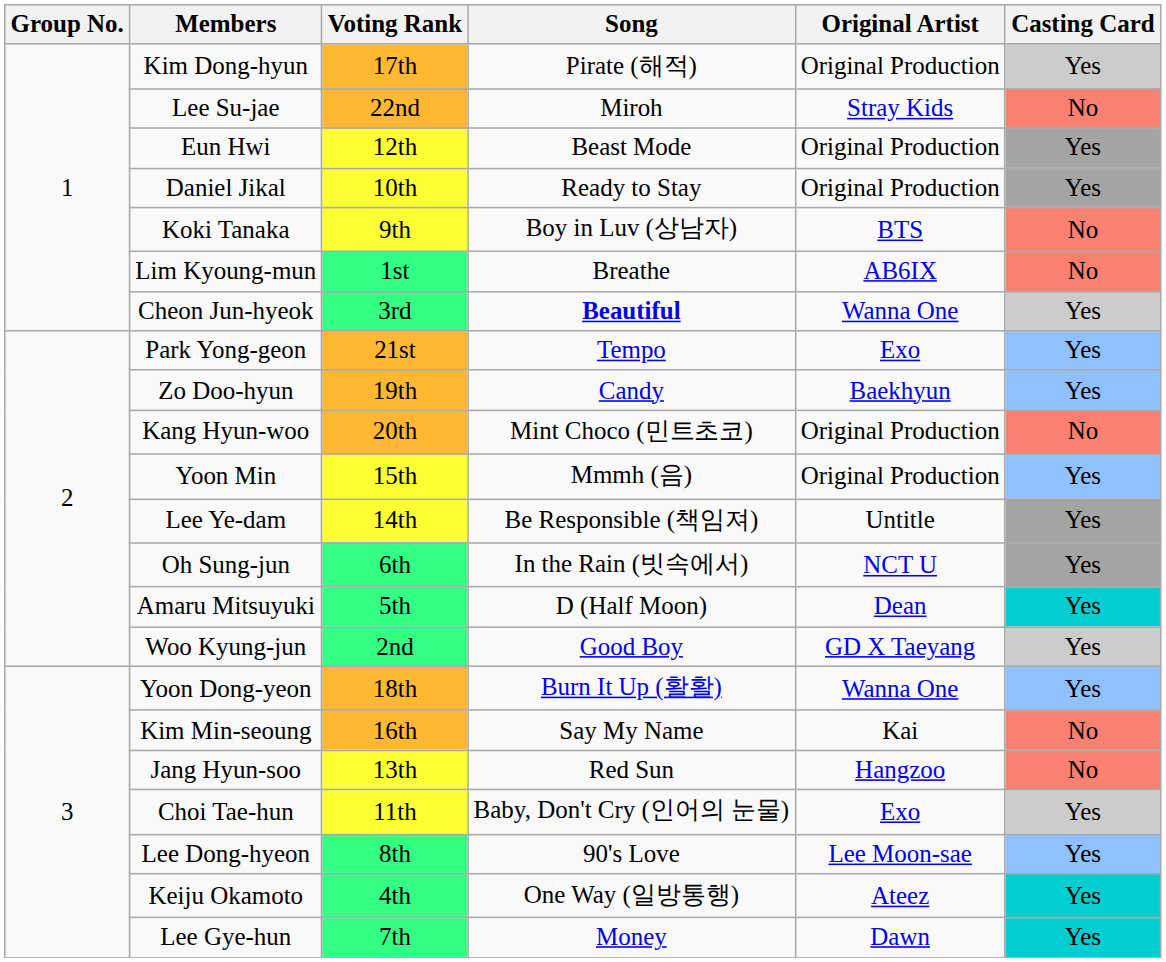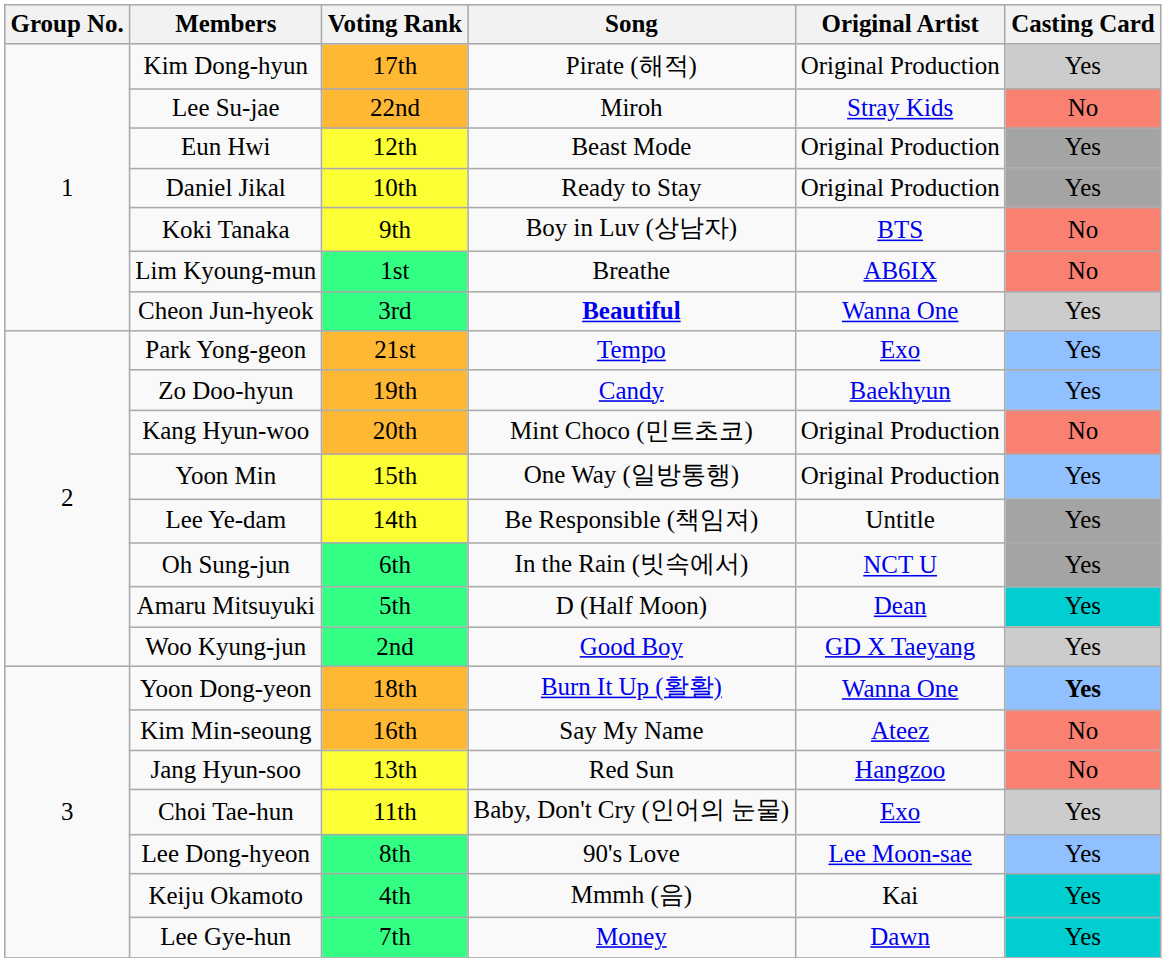 <table class="wikitable" style="text-align:center">
 <tr>
 <th>Group No.</th>
 <th>Members</th>
 <th>Voting Rank</th>
 <th>Song</th>
 <th>Original Artist</th>
 <th>Casting Card</th>
 </tr>
 <tr>
 <td rowspan="7">1</td>
 <td>Kim Dong-hyun</td>
 <td style="background:#FFB833;">17th</td>
 <td>Pirate (해적)</td>
 <td>Original Production</td>
 <td style="background:#CCCCCC;">Yes</td>
 </tr>
 <tr>
 <td>Lee Su-jae</td>
 <td style="background:#FFB833;">22nd</td>
 <td>Miroh</td>
 <td><a href='#'>Stray Kids</a></td>
 <td style="background:salmon;">No</td>
 </tr>
 <tr>
 <td>Eun Hwi</td>
 <td style="background:#FCFF33;">12th</td>
 <td>Beast Mode</td>
 <td>Original Production</td>
 <td style="background:#A4A4A4;">Yes</td>
 </tr>
 <tr>
 <td>Daniel Jikal</td>
 <td style="background:#FCFF33;">10th</td>
 <td>Ready to Stay</td>
 <td>Original Production</td>
 <td style="background:#A4A4A4;">Yes</td>
 </tr>
 <tr>
 <td>Koki Tanaka</td>
 <td style="background:#FCFF33;">9th</td>
 <td>Boy in Luv (상남자)</td>
 <td><a href='#'>BTS</a></td>
 <td style="background:salmon;">No</td>
 </tr>
 <tr>
 <td>Lim Kyoung-mun</td>
 <td style="background:#33FF85;">1st</td>
 <td>Breathe</td>
 <td><a href='#'>AB6IX</a></td>
 <td style="background:salmon;">No</td>
 </tr>
 <tr>
 <td>Cheon Jun-hyeok</td>
 <td style="background:#33FF85;">3rd</td>
 <td><strong><a href='#'>Beautiful</a></strong></td>
 <td><a href='#'>Wanna One</a></td>
 <td style="background:#CCCCCC;">Yes</td>
 </tr>
 <tr>
 <td rowspan="8">2</td>
 <td>Park Yong-geon</td>
 <td style="background:#FFB833;">21st</td>
 <td><a href='#'>Tempo</a></td>
 <td><a href='#'>Exo</a></td>
 <td style="background:#90C0FF;">Yes</td>
 </tr>
 <tr>
 <td>Zo Doo-hyun</td>
 <td style="background:#FFB833;">19th</td>
 <td><a href='#'>Candy</a></td>
 <td><a href='#'>Baekhyun</a></td>
 <td style="background:#90C0FF;">Yes</td>
 </tr>
 <tr>
 <td>Kang Hyun-woo</td>
 <td style="background:#FFB833;">20th</td>
 <td>Mint Choco (민트초코)</td>
 <td>Original Production</td>
 <td style="background:salmon;">No</td>
 </tr>
 <tr>
 <td>Yoon Min</td>
 <td style="background:#FCFF33;">15th</td>
-<td>Mmmh (음)</td>
+<td>One Way (일방통행)</td>
 <td>Original Production</td>
 <td style="background:#90C0FF;">Yes</td>
 </tr>
 <tr>
 <td>Lee Ye-dam</td>
 <td style="background:#FCFF33;">14th</td>
 <td>Be Responsible (책임져)</td>
 <td>Untitle</td>
 <td style="background:#A4A4A4;">Yes</td>
 </tr>
 <tr>
 <td>Oh Sung-jun</td>
 <td style="background:#33FF85;">6th</td>
 <td>In the Rain (빗속에서)</td>
 <td><a href='#'>NCT U</a></td>
 <td style="background:#A4A4A4;">Yes</td>
 </tr>
 <tr>
 <td>Amaru Mitsuyuki</td>
 <td style="background:#33FF85;">5th</td>
 <td>D (Half Moon)</td>
 <td><a href='#'>Dean</a></td>
 <td style="background:#00CED1;">Yes</td>
 </tr>
 <tr>
 <td>Woo Kyung-jun</td>
 <td style="background:#33FF85;">2nd</td>
 <td><a href='#'>Good Boy</a></td>
 <td><a href='#'>GD X Taeyang</a></td>
 <td style="background:#CCCCCC;">Yes</td>
 </tr>
 <tr>
 <td rowspan="7">3</td>
 <td>Yoon Dong-yeon</td>
 <td style="background:#FFB833;">18th</td>
 <td><a href='#'>Burn It Up (활활)</a></td>
 <td><a href='#'>Wanna One</a></td>
-<td style="background:#90C0FF;">Yes</td>
+<td style="background:#90C0FF;"><strong>Yes</strong></td>
 </tr>
 <tr>
 <td>Kim Min-seoung</td>
 <td style="background:#FFB833;">16th</td>
 <td>Say My Name</td>
-<td>Kai</td>
+<td><a href='#'>Ateez</a></td>
 <td style="background:salmon;">No</td>
 </tr>
 <tr>
 <td>Jang Hyun-soo</td>
 <td style="background:#FCFF33;">13th</td>
 <td>Red Sun</td>
 <td><a href='#'>Hangzoo</a></td>
 <td style="background:salmon;">No</td>
 </tr>
 <tr>
 <td>Choi Tae-hun</td>
 <td style="background:#FCFF33;">11th</td>
 <td>Baby, Don't Cry (인어의 눈물)</td>
 <td><a href='#'>Exo</a></td>
 <td style="background:#CCCCCC;">Yes</td>
 </tr>
 <tr>
 <td>Lee Dong-hyeon</td>
 <td style="background:#33FF85;">8th</td>
 <td>90's Love</td>
 <td><a href='#'>Lee Moon-sae</a></td>
 <td style="background:#90C0FF;">Yes</td>
 </tr>
 <tr>
 <td>Keiju Okamoto</td>
 <td style="background:#33FF85;">4th</td>
-<td>One Way (일방통행)</td>
-<td><a href='#'>Ateez</a></td>
+<td>Mmmh (음)</td>
+<td>Kai</td>
 <td style="background:#00CED1;">Yes</td>
 </tr>
 <tr>
 <td>Lee Gye-hun</td>
 <td style="background:#33FF85;">7th</td>
 <td><a href='#'>Money</a></td>
 <td><a href='#'>Dawn</a></td>
 <td style="background:#00CED1;">Yes</td>
 </tr>
 </table>
